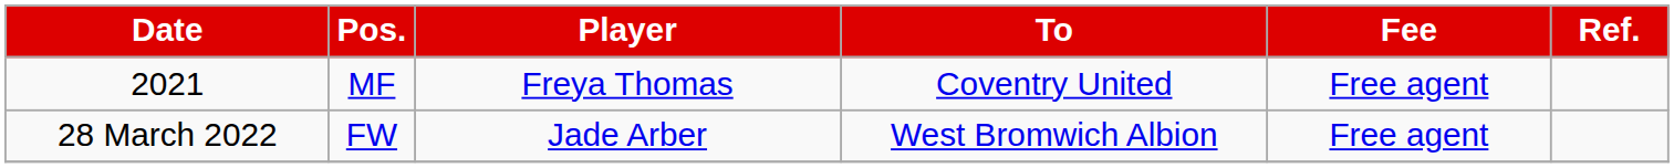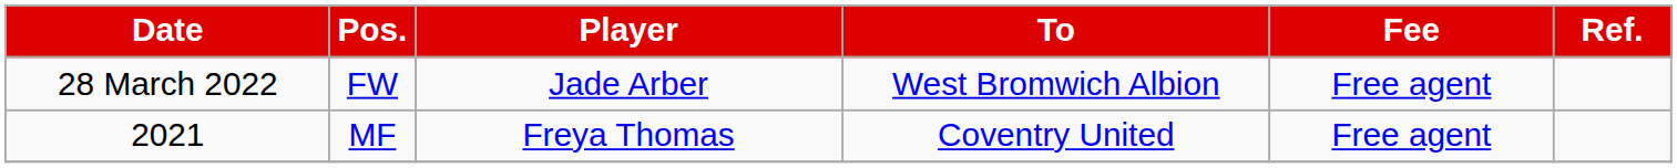 <table class="wikitable" style="text-align:center;">
 <tr>
 <th style="background:#DD0000; color:#FFFFFF; width:150px;">Date</th>
 <th style="background:#DD0000; color:#FFFFFF; width:20px;">Pos.</th>
 <th style="background:#DD0000; color:#FFFFFF; width:200px;">Player</th>
 <th style="background:#DD0000; color:#FFFFFF; width:200px;">To</th>
 <th style="background:#DD0000; color:#FFFFFF; width:130px;">Fee</th>
 <th style="background:#DD0000; color:#FFFFFF; width:50px;">Ref.</th>
 </tr>
 <tr>
+<td>28 March 2022</td>
+<td><a href='#'>FW</a></td>
+<td><a href='#'>Jade Arber</a></td>
+<td><a href='#'>West Bromwich Albion</a></td>
+<td><a href='#'>Free agent</a></td>
+<td></td>
+</tr>
+<tr>
 <td>2021</td>
 <td><a href='#'>MF</a></td>
 <td><a href='#'>Freya Thomas</a></td>
 <td><a href='#'>Coventry United</a></td>
 <td><a href='#'>Free agent</a></td>
 <td></td>
 </tr>
 <tr>
-<td>28 March 2022</td>
-<td><a href='#'>FW</a></td>
-<td><a href='#'>Jade Arber</a></td>
-<td><a href='#'>West Bromwich Albion</a></td>
-<td><a href='#'>Free agent</a></td>
-<td></td>
-</tr>
-<tr>
 </tr>
 </table>
